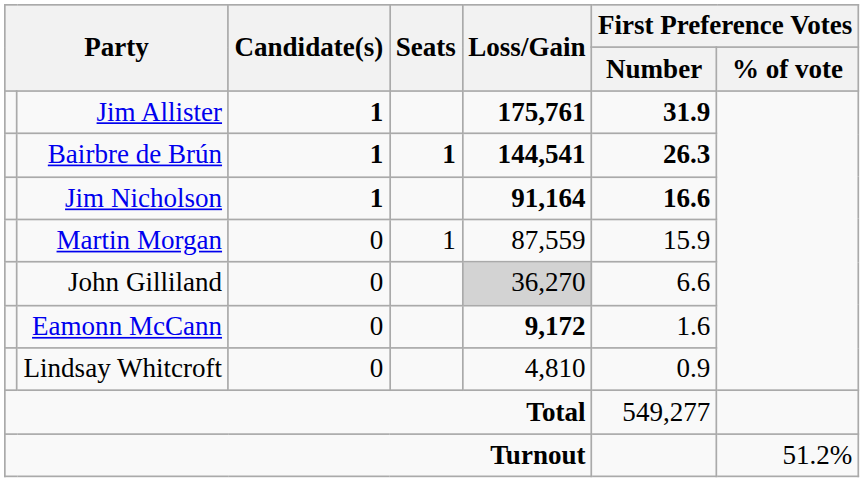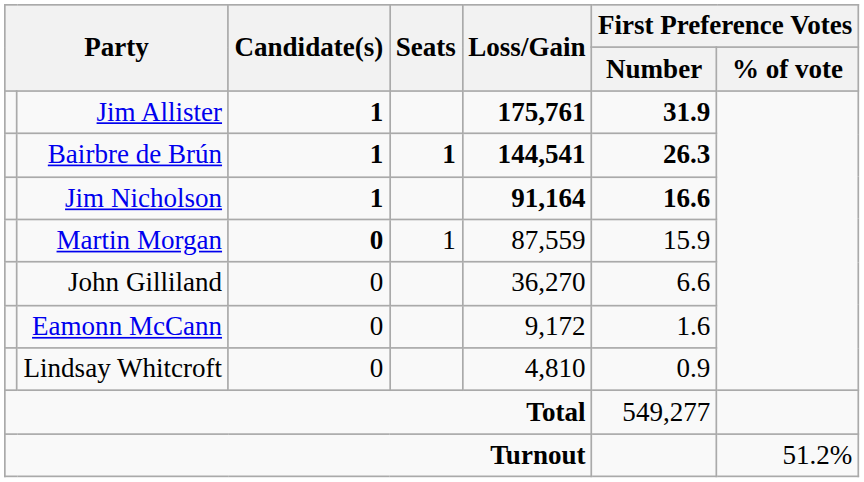 <table class="wikitable">
 <tr>
 <th colspan="2" rowspan="2">Party</th>
 <th rowspan="2">Candidate(s)</th>
 <th rowspan="2">Seats</th>
 <th rowspan="2">Loss/Gain</th>
 <th colspan="2">First Preference Votes</th>
 </tr>
 <tr>
 <th>Number</th>
 <th>% of vote</th>
 </tr>
 <tr align="right">
 <td></td>
 <td><a href='#'>Jim Allister</a></td>
 <td><strong>1</strong></td>
 <td></td>
 <td><strong>175,761</strong></td>
 <td><strong>31.9</strong></td>
 </tr>
 <tr align="right">
 <td></td>
 <td><a href='#'>Bairbre de Brún</a></td>
 <td><strong>1</strong></td>
 <td> <strong>1</strong></td>
 <td><strong>144,541</strong></td>
 <td><strong>26.3</strong></td>
 </tr>
 <tr align="right">
 <td></td>
 <td><a href='#'>Jim Nicholson</a></td>
 <td><strong>1</strong></td>
 <td></td>
 <td><strong>91,164</strong></td>
 <td><strong>16.6</strong></td>
 </tr>
 <tr align="right">
 <td></td>
 <td><a href='#'>Martin Morgan</a></td>
-<td>0</td>
+<td><strong>0</strong></td>
 <td> 1</td>
 <td>87,559</td>
 <td>15.9</td>
 </tr>
 <tr align="right">
 <td></td>
 <td>John Gilliland</td>
 <td>0</td>
 <td></td>
-<td style="background: lightgrey;">36,270</td>
+<td>36,270</td>
 <td>6.6</td>
 </tr>
 <tr align="right">
 <td></td>
 <td><a href='#'>Eamonn McCann</a></td>
 <td>0</td>
 <td></td>
-<td><strong>9,172</strong></td>
+<td>9,172</td>
 <td>1.6</td>
 </tr>
 <tr align="right">
 <td></td>
 <td>Lindsay Whitcroft</td>
 <td>0</td>
 <td></td>
 <td>4,810</td>
 <td>0.9</td>
 </tr>
 <tr align="right">
 <td colspan=5><strong>Total</strong></td>
 <td>549,277</td>
 <td></td>
 </tr>
 <tr align="right">
 <td colspan=5><strong>Turnout</strong></td>
 <td></td>
 <td>51.2%</td>
 </tr>
 </table>
